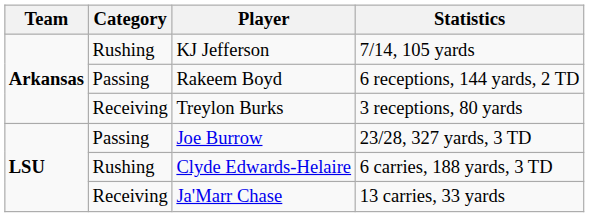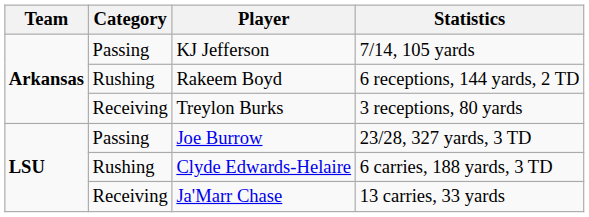 <table class="wikitable" style="float: right;">
 <tr>
 <th>Team</th>
 <th>Category</th>
 <th>Player</th>
 <th>Statistics</th>
 </tr>
 <tr>
 <td rowspan=3><strong>Arkansas</strong></td>
-<td>Rushing</td>
+<td>Passing</td>
 <td>KJ Jefferson</td>
 <td>7/14, 105 yards</td>
 </tr>
 <tr>
-<td>Passing</td>
+<td>Rushing</td>
 <td>Rakeem Boyd</td>
 <td>6 receptions, 144 yards, 2 TD</td>
 </tr>
 <tr>
 <td>Receiving</td>
 <td>Treylon Burks</td>
 <td>3 receptions, 80 yards</td>
 </tr>
 <tr>
 <td rowspan=3><strong>LSU</strong></td>
 <td>Passing</td>
 <td><a href='#'>Joe Burrow</a></td>
 <td>23/28, 327 yards, 3 TD</td>
 </tr>
 <tr>
 <td>Rushing</td>
 <td><a href='#'>Clyde Edwards-Helaire</a></td>
 <td>6 carries, 188 yards, 3 TD</td>
 </tr>
 <tr>
 <td>Receiving</td>
 <td><a href='#'>Ja'Marr Chase</a></td>
 <td>13 carries, 33 yards</td>
 </tr>
 </table>
